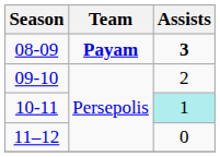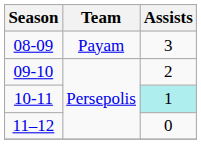 <table class="wikitable" style="text-align: center;">
 <tr>
 <th>Season</th>
 <th>Team</th>
 <th>Assists</th>
 </tr>
 <tr>
 <td><a href='#'>08-09</a></td>
-<td><strong><a href='#'>Payam</a></strong></td>
-<td><strong>3</strong></td>
+<td><a href='#'>Payam</a></td>
+<td>3</td>
 </tr>
 <tr>
 <td><a href='#'>09-10</a></td>
 <td rowspan="3"><a href='#'>Persepolis</a></td>
 <td>2</td>
 </tr>
 <tr>
 <td><a href='#'>10-11</a></td>
 <td style="background: paleturquoise;">1</td>
 </tr>
 <tr>
 <td><a href='#'>11–12</a></td>
 <td>0</td>
 </tr>
 <tr>
 </tr>
 </table>
